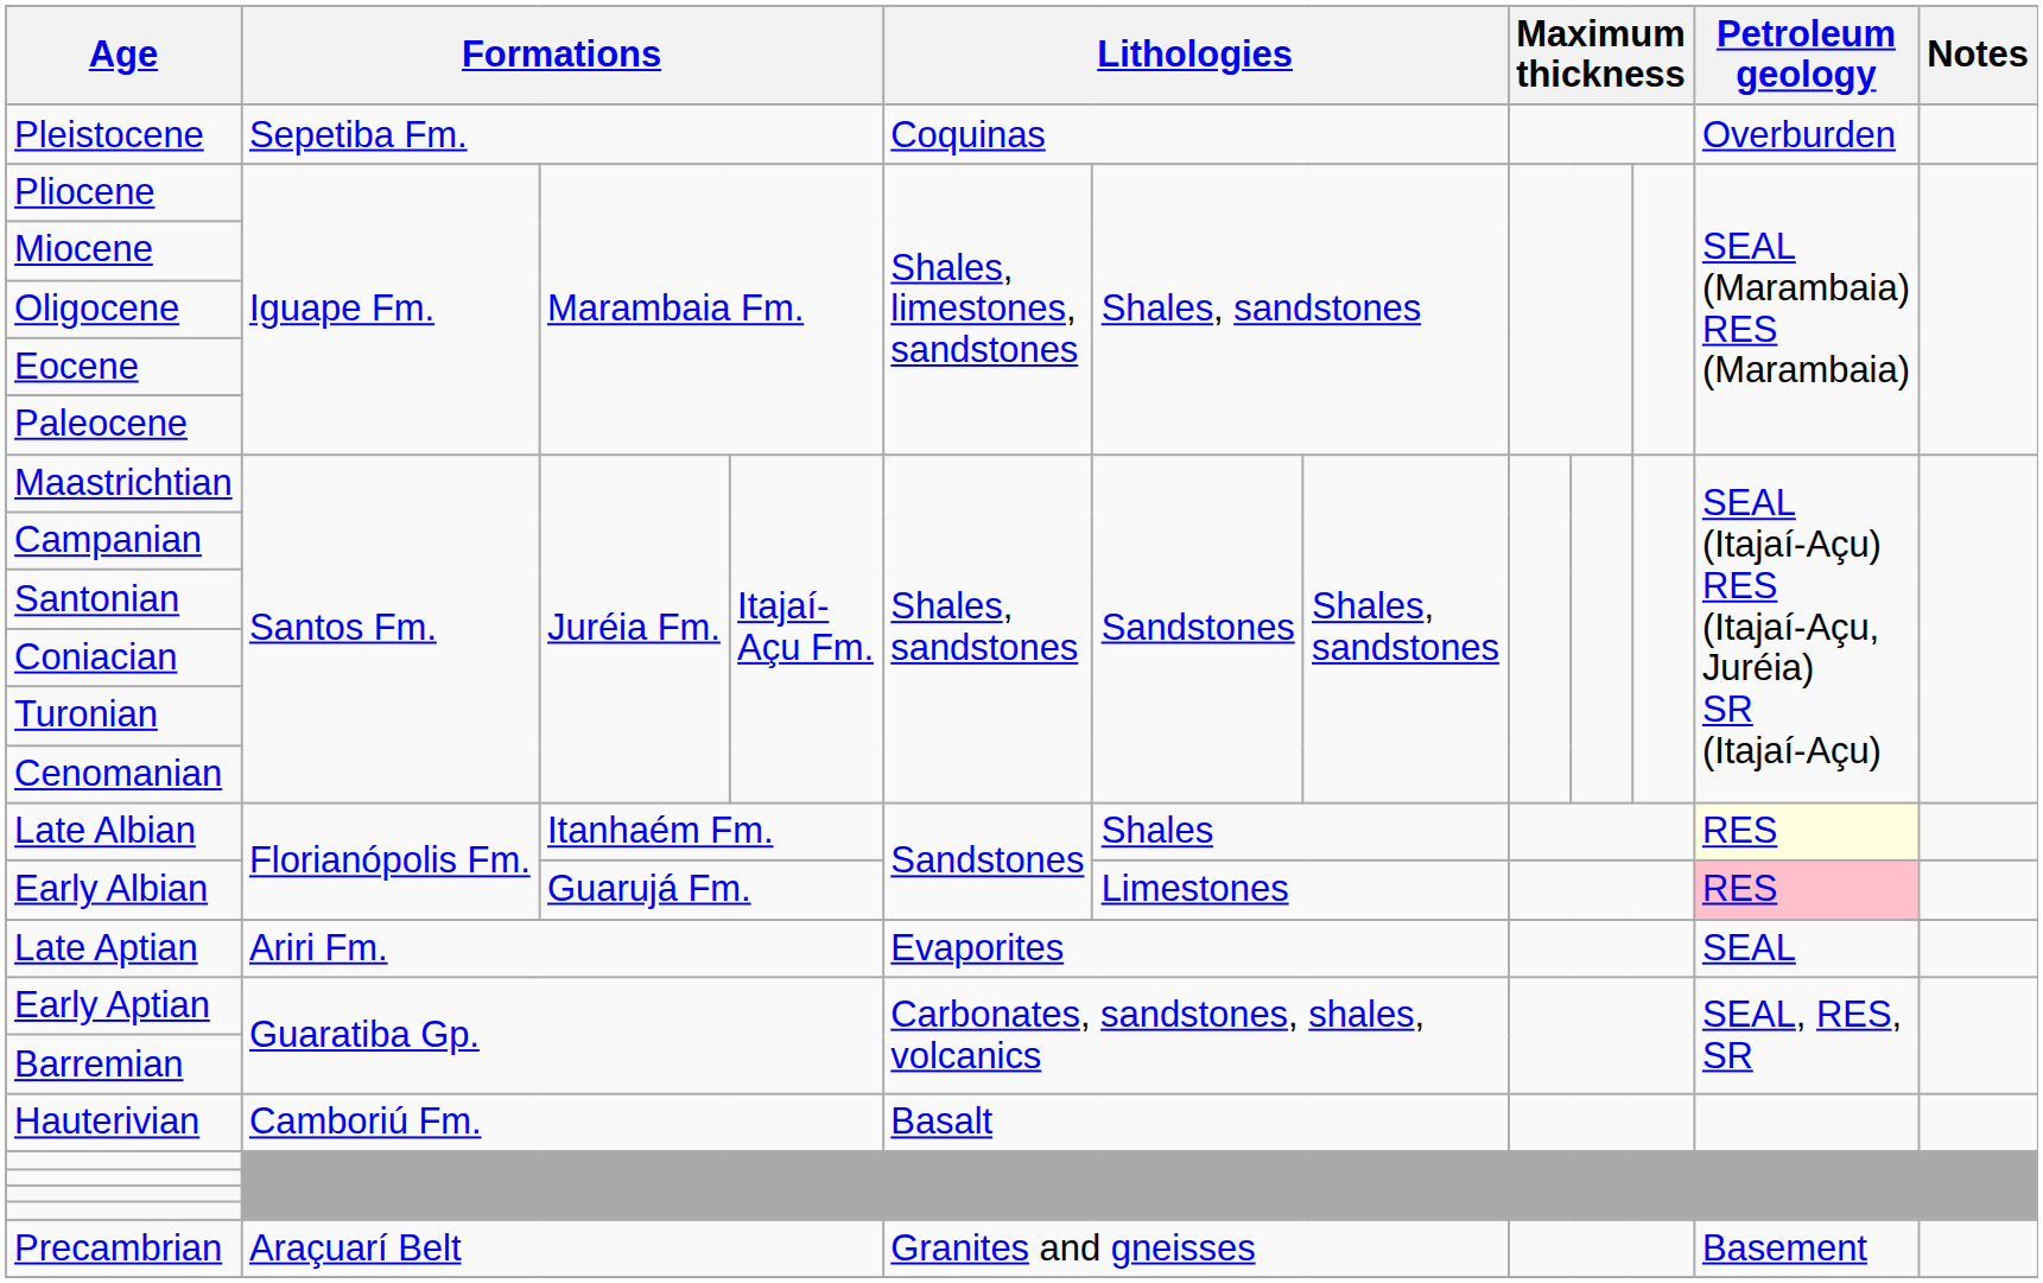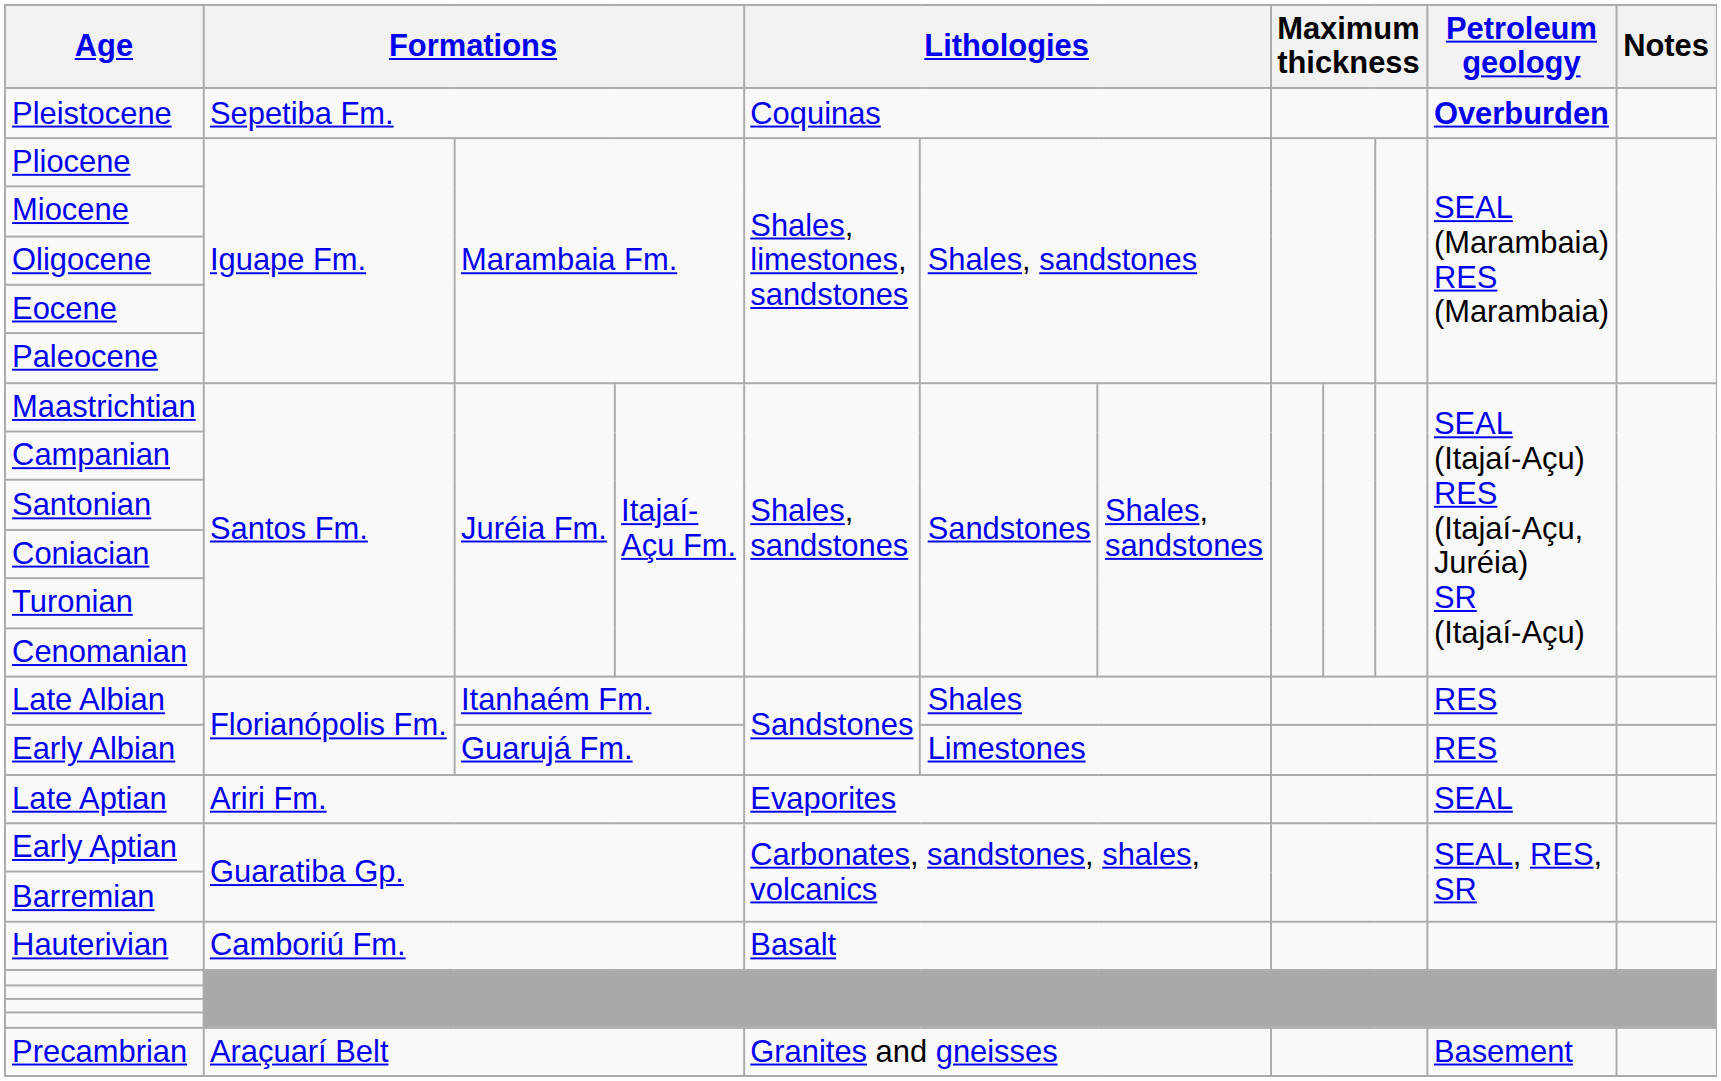 <table class="wikitable sortable mw-collapsible" width=100%>
 <tr>
 <th><a href='#'>Age</a></th>
 <th colspan=3><a href='#'>Formations</a></th>
 <th colspan=3><a href='#'>Lithologies</a></th>
 <th colspan=3>Maximum thickness</th>
 <th><a href='#'>Petroleum geology</a></th>
 <th class=unsortable>Notes</th>
 </tr>
 <tr>
 <td style="background-color: "><a href='#'>Pleistocene</a></td>
 <td colspan=3><a href='#'>Sepetiba Fm.</a></td>
 <td colspan=3><a href='#'>Coquinas</a></td>
 <td colspan=3></td>
-<td><a href='#'>Overburden</a></td>
+<td><strong><a href='#'>Overburden</a></strong></td>
 <td></td>
 </tr>
 <tr>
 <td style="background-color: "><a href='#'>Pliocene</a></td>
 <td rowspan=5><a href='#'>Iguape Fm.</a></td>
 <td rowspan=5 colspan=2><a href='#'>Marambaia Fm.</a></td>
 <td rowspan=5><a href='#'>Shales</a>, <a href='#'>limestones</a>, <a href='#'>sandstones</a></td>
 <td rowspan=5 colspan=2><a href='#'>Shales</a>, <a href='#'>sandstones</a></td>
 <td rowspan=5 colspan=2></td>
 <td rowspan=5></td>
 <td rowspan=5><a href='#'>SEAL</a><br>(Marambaia)<br><a href='#'>RES</a><br>(Marambaia)</td>
 <td rowspan=5></td>
 </tr>
 <tr>
 <td style="background-color: "><a href='#'>Miocene</a></td>
 </tr>
 <tr>
 <td style="background-color: "><a href='#'>Oligocene</a></td>
 </tr>
 <tr>
 <td style="background-color: "><a href='#'>Eocene</a></td>
 </tr>
 <tr>
 <td style="background-color: "><a href='#'>Paleocene</a></td>
 </tr>
 <tr>
 <td style="background-color: "><a href='#'>Maastrichtian</a></td>
 <td rowspan=6><a href='#'>Santos Fm.</a></td>
 <td rowspan=6><a href='#'>Juréia Fm.</a></td>
 <td rowspan=6><a href='#'>Itajaí-Açu Fm.</a></td>
 <td rowspan=6><a href='#'>Shales</a>, <a href='#'>sandstones</a></td>
 <td rowspan=6><a href='#'>Sandstones</a></td>
 <td rowspan=6><a href='#'>Shales</a>, <a href='#'>sandstones</a></td>
 <td rowspan=6></td>
 <td rowspan=6></td>
 <td rowspan=6></td>
 <td rowspan=6><a href='#'>SEAL</a><br>(Itajaí-Açu)<br><a href='#'>RES</a><br>(Itajaí-Açu, Juréia)<br><a href='#'>SR</a><br>(Itajaí-Açu)</td>
 <td rowspan=6></td>
 </tr>
 <tr>
 <td style="background-color: "><a href='#'>Campanian</a></td>
 </tr>
 <tr>
 <td style="background-color: "><a href='#'>Santonian</a></td>
 </tr>
 <tr>
 <td style="background-color: "><a href='#'>Coniacian</a></td>
 </tr>
 <tr>
 <td style="background-color: "><a href='#'>Turonian</a></td>
 </tr>
 <tr>
 <td style="background-color: "><a href='#'>Cenomanian</a></td>
 </tr>
 <tr>
 <td style="background-color: "><a href='#'>Late Albian</a></td>
 <td rowspan=2><a href='#'>Florianópolis Fm.</a></td>
 <td colspan=2><a href='#'>Itanhaém Fm.</a></td>
 <td rowspan=2><a href='#'>Sandstones</a></td>
 <td colspan=2><a href='#'>Shales</a></td>
 <td colspan=3></td>
-<td style="background: lightyellow;"><a href='#'>RES</a></td>
+<td><a href='#'>RES</a></td>
 <td></td>
 </tr>
 <tr>
 <td rowspan=2 style="background-color: "><a href='#'>Early Albian</a></td>
 <td colspan=2><a href='#'>Guarujá Fm.</a></td>
 <td colspan=2><a href='#'>Limestones</a></td>
 <td colspan=3></td>
-<td style="background: pink;"><a href='#'>RES</a></td>
+<td><a href='#'>RES</a></td>
 <td></td>
 </tr>
 <tr>
 <td colspan=3 rowspan=2><a href='#'>Ariri Fm.</a></td>
 <td colspan=3 rowspan=2><a href='#'>Evaporites</a></td>
 <td colspan=3 rowspan=2></td>
 <td rowspan=2><a href='#'>SEAL</a></td>
 <td rowspan=2></td>
 </tr>
 <tr>
 <td style="background-color: "><a href='#'>Late Aptian</a></td>
 </tr>
 <tr>
 <td style="background-color: "><a href='#'>Early Aptian</a></td>
 <td colspan=3 rowspan=2><a href='#'>Guaratiba Gp.</a></td>
 <td colspan=3 rowspan=2><a href='#'>Carbonates</a>, <a href='#'>sandstones</a>, <a href='#'>shales</a>, <a href='#'>volcanics</a></td>
 <td colspan=3 rowspan=2></td>
 <td rowspan=2><a href='#'>SEAL</a>, <a href='#'>RES</a>, <a href='#'>SR</a></td>
 <td rowspan=2></td>
 </tr>
 <tr>
 <td style="background-color: "><a href='#'>Barremian</a></td>
 </tr>
 <tr>
 <td style="background-color: "><a href='#'>Hauterivian</a></td>
 <td colspan=3><a href='#'>Camboriú Fm.</a></td>
 <td colspan=3><a href='#'>Basalt</a></td>
 <td colspan=3></td>
 <td></td>
 <td></td>
 </tr>
 <tr>
 <td style="background-color: "></td>
 <td colspan=11 rowspan=4 style="background-color: darkgrey;"></td>
 </tr>
 <tr>
 <td style="background-color: "></td>
 </tr>
 <tr>
 <td style="background-color: "></td>
 </tr>
 <tr>
 <td style="background-color: "></td>
 </tr>
 <tr>
 <td style="background-color: "><a href='#'>Precambrian</a></td>
 <td colspan=3><a href='#'>Araçuarí Belt</a></td>
 <td colspan=3><a href='#'>Granites</a> and <a href='#'>gneisses</a></td>
 <td colspan=3></td>
 <td><a href='#'>Basement</a></td>
 <td></td>
 </tr>
 <tr>
 </tr>
 </table>
